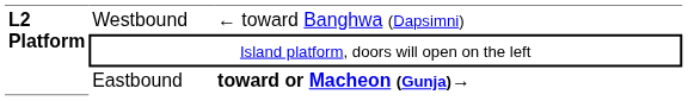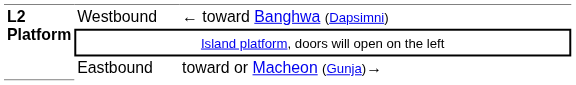 <table table border=0 cellspacing=0 cellpadding=3>
 <tr>
 <td style="border-top:solid 1px gray;border-bottom:solid 1px gray;" width=50 rowspan=10 valign=top><strong>L2<br>Platform</strong></td>
 <td style="border-bottom:solid 0px gray;border-top:solid 1px gray;" width=100>Westbound</td>
 <td style="border-bottom:solid 0px gray;border-top:solid 1px gray;" width=390>←  toward <a href='#'>Banghwa</a> <small>(<a href='#'>Dapsimni</a>)</small></td>
 </tr>
 <tr>
 <td style="border-top:solid 2px black;border-right:solid 2px black;border-left:solid 2px black;border-bottom:solid 2px black;text-align:center;" colspan=2><small><a href='#'>Island platform</a>, doors will open on the left</small></td>
 </tr>
 <tr>
 <td>Eastbound</td>
-<td><strong>  toward  or <a href='#'>Macheon</a> <small>(<a href='#'>Gunja</a>)</small>→</strong></td>
+<td>  toward  or <a href='#'>Macheon</a> <small>(<a href='#'>Gunja</a>)</small>→</td>
 </tr>
 </table>
